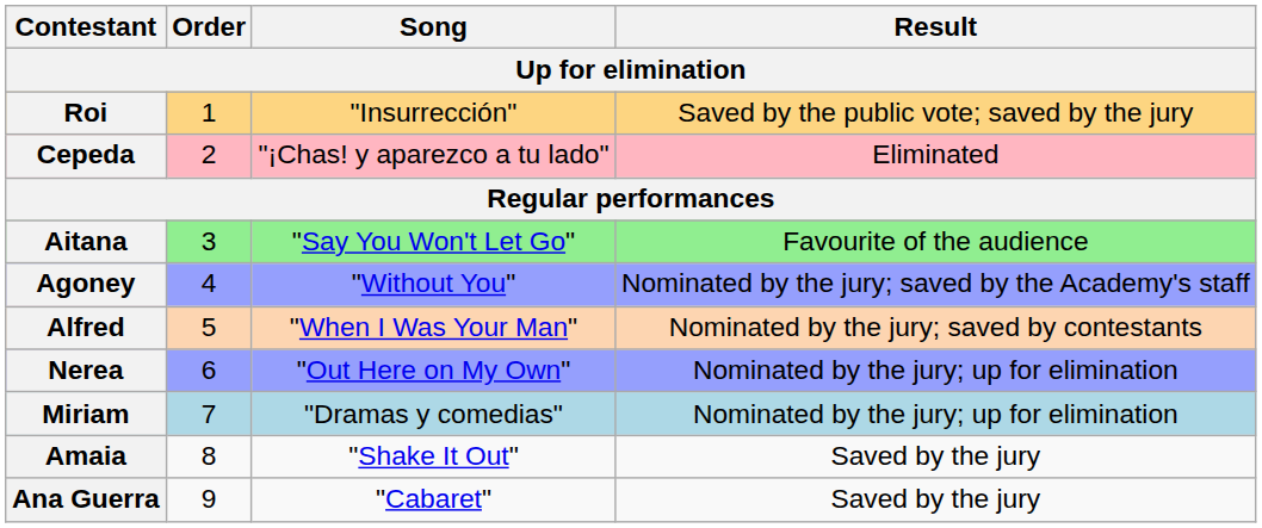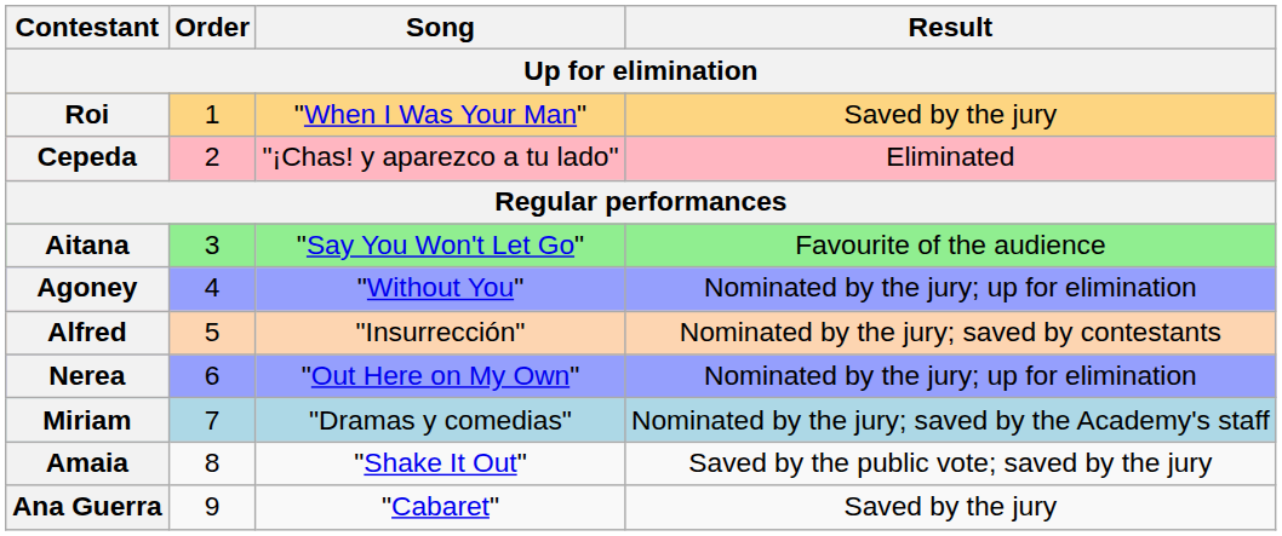 <table class="wikitable plainrowheaders" style="text-align:center;">
 <tr>
 <th scope="col">Contestant</th>
 <th scope="col">Order</th>
 <th scope="col">Song</th>
 <th scope="col">Result</th>
 </tr>
 <tr>
 <th colspan="4">Up for elimination</th>
 </tr>
 <tr style="background:#fdd581;">
 <th scope="row">Roi</th>
 <td>1</td>
-<td>"Insurrección"</td>
-<td>Saved by the public vote; saved by the jury</td>
+<td>"<a href='#'>When I Was Your Man</a>"</td>
+<td>Saved by the jury</td>
 </tr>
 <tr style="background:lightpink">
 <th scope="row">Cepeda</th>
 <td>2</td>
 <td>"¡Chas! y aparezco a tu lado"</td>
 <td>Eliminated</td>
 </tr>
 <tr>
 <th colspan="4">Regular performances</th>
 </tr>
 <tr style="background:lightgreen">
 <th scope="row">Aitana</th>
 <td>3</td>
 <td>"<a href='#'>Say You Won't Let Go</a>"</td>
 <td>Favourite of the audience</td>
 </tr>
 <tr style="background:#959ffd;">
 <th scope="row">Agoney</th>
 <td>4</td>
 <td>"<a href='#'>Without You</a>"</td>
-<td>Nominated by the jury; saved by the Academy's staff</td>
+<td>Nominated by the jury; up for elimination</td>
 </tr>
 <tr style="background:#fdd5b1;">
 <th scope="row">Alfred</th>
 <td>5</td>
-<td>"<a href='#'>When I Was Your Man</a>"</td>
+<td>"Insurrección"</td>
 <td>Nominated by the jury; saved by contestants</td>
 </tr>
 <tr style="background:#959ffd;">
 <th scope="row">Nerea</th>
 <td>6</td>
 <td>"<a href='#'>Out Here on My Own</a>"</td>
 <td>Nominated by the jury; up for elimination</td>
 </tr>
 <tr style="background:lightblue">
 <th scope="row">Miriam</th>
 <td>7</td>
 <td>"Dramas y comedias"</td>
-<td>Nominated by the jury; up for elimination</td>
+<td>Nominated by the jury; saved by the Academy's staff</td>
 </tr>
 <tr>
 <th scope="row">Amaia</th>
 <td>8</td>
 <td>"<a href='#'>Shake It Out</a>"</td>
-<td>Saved by the jury</td>
+<td>Saved by the public vote; saved by the jury</td>
 </tr>
 <tr>
 <th scope="row">Ana Guerra</th>
 <td>9</td>
 <td>"<a href='#'>Cabaret</a>"</td>
 <td>Saved by the jury</td>
 </tr>
 </table>
